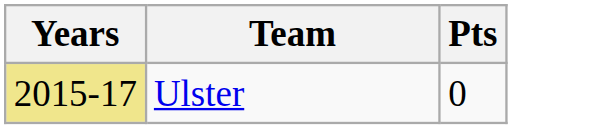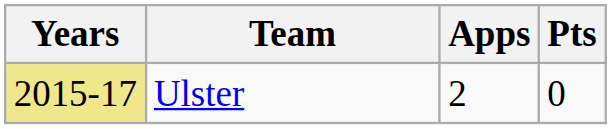 <table class="wikitable" style="text-align:left;">
 <tr>
 <th>Years</th>
 <th width=120px>Team</th>
+<th>Apps</th>
 <th>Pts</th>
 </tr>
 <tr>
 <td style="background: khaki;">2015-17</td>
 <td><a href='#'>Ulster</a></td>
+<td>2</td>
 <td>0</td>
 </tr>
 </table>
